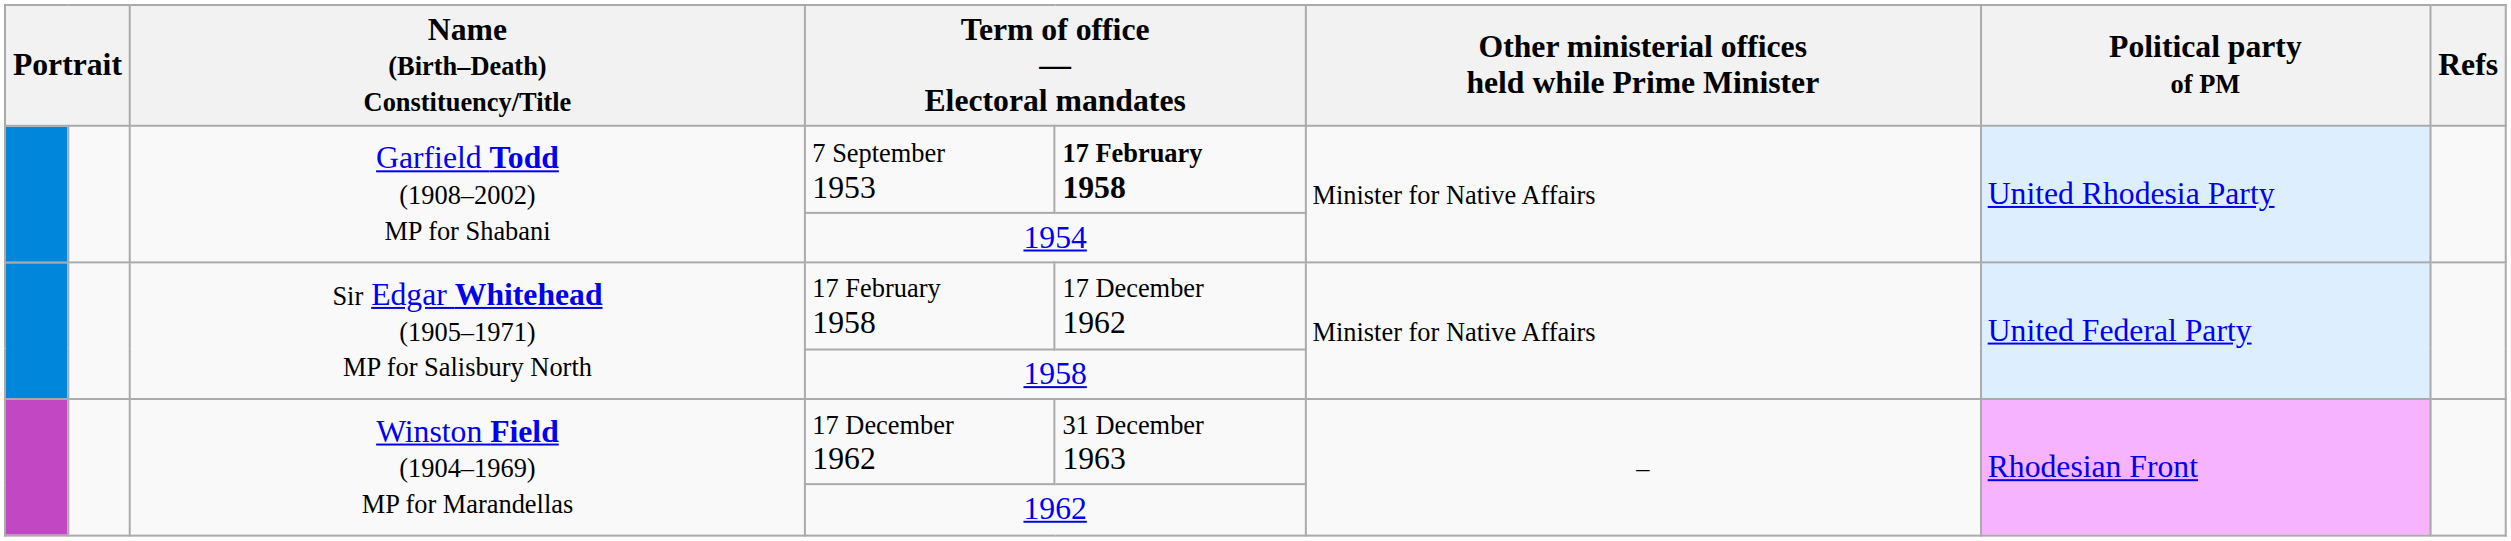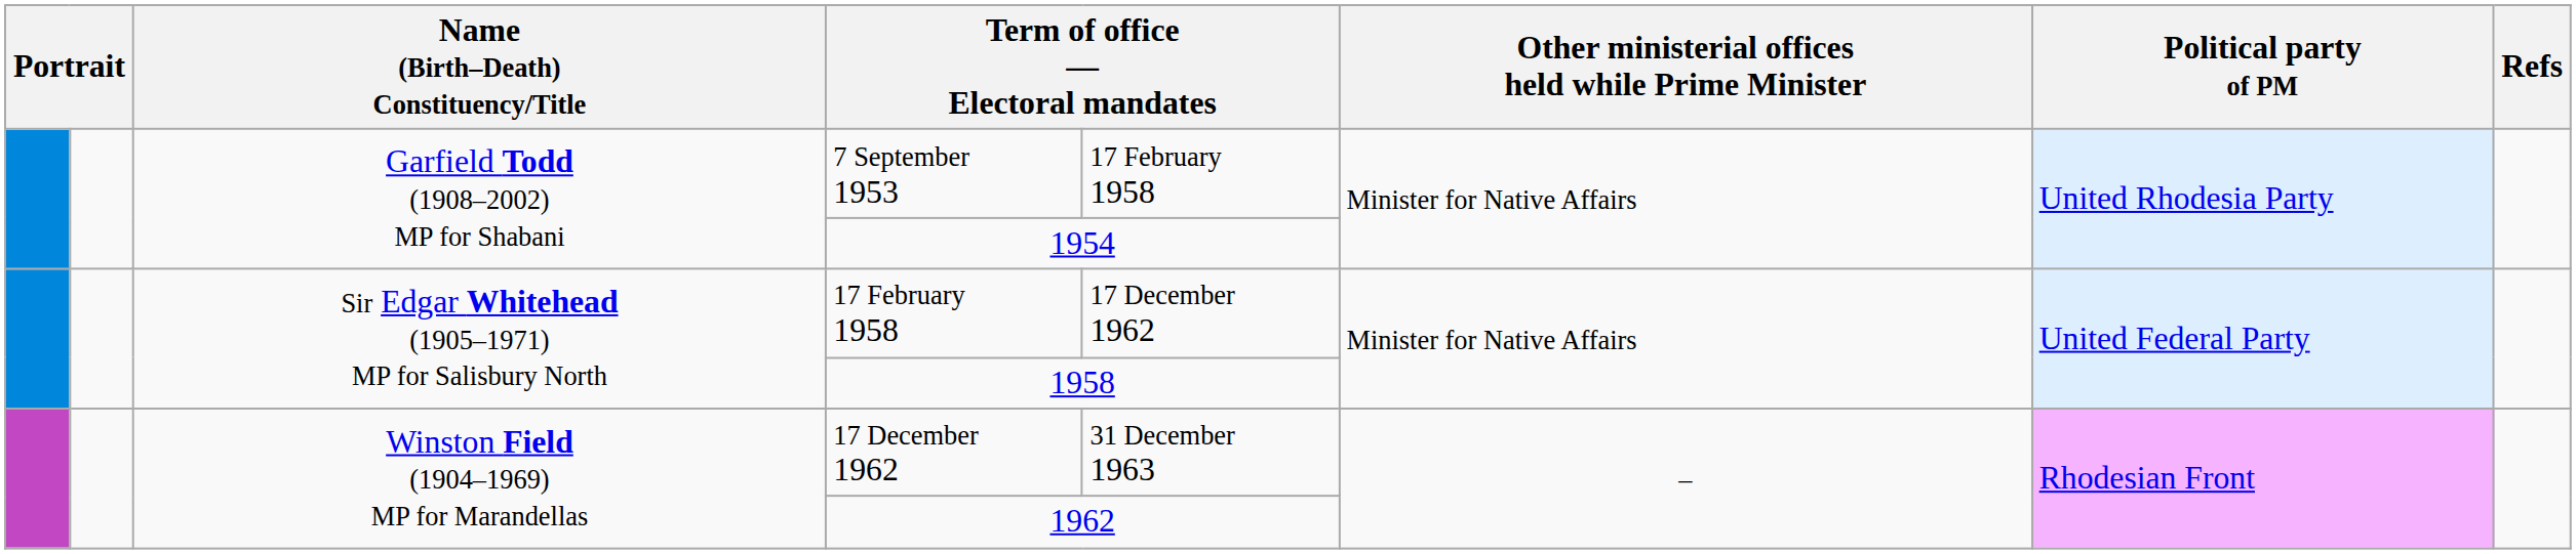 <table class="wikitable" width=100%>
 <tr>
 <th scope="col" colspan="2" width=40>Portrait</th>
 <th scope="col" width=27%>Name<br><small>(Birth–Death)<br>Constituency/Title</small></th>
 <th scope="col" colspan="2" width=20%>Term of office<br>—<br>Electoral mandates</th>
 <th scope="col" width=27%>Other ministerial offices<br>held while Prime Minister</th>
 <th scope="col" width=18%>Political party<br><small>of PM</small></th>
 <th scope="col">Refs</th>
 </tr>
 <tr>
 <td scope="row" rowspan="2" style="background-color: #0087DC"></td>
 <td rowspan="2"></td>
 <td rowspan="2" align="center"><a href='#'>Garfield <strong>Todd</strong></a><br><small>(1908–2002)<br>MP for Shabani</small></td>
 <td><small>7 September</small><br>1953</td>
-<td><strong><small>17 February</small><br>1958</strong></td>
+<td><small>17 February</small><br>1958</td>
 <td rowspan="2"><small>Minister for Native Affairs</small></td>
 <td bgcolor=#ddeeff rowspan="2"><a href='#'>United Rhodesia Party</a></td>
 <td rowspan="2" align=center></td>
 </tr>
 <tr>
 <td colspan="2" align="center"><a href='#'>1954</a></td>
 </tr>
 <tr>
 <td scope="row" rowspan="2" style="background-color: #0087DC"></td>
 <td rowspan="2"></td>
 <td rowspan="2" align="center"><small>Sir</small> <a href='#'>Edgar <strong>Whitehead</strong></a><br><small>(1905–1971)<br>MP for Salisbury North</small></td>
 <td><small>17 February</small><br>1958</td>
 <td><small>17 December</small><br>1962</td>
 <td rowspan="2"><small>Minister for Native Affairs</small></td>
 <td bgcolor=#ddeeff rowspan="2"><a href='#'>United Federal Party</a></td>
 <td rowspan="2" align=center></td>
 </tr>
 <tr>
 <td colspan="2" align="center"><a href='#'>1958</a></td>
 </tr>
 <tr>
 <td scope="row" rowspan="2" style="background-color: #C247C2"></td>
 <td rowspan="2"></td>
 <td rowspan="2" align="center"><a href='#'>Winston <strong>Field</strong></a><br><small>(1904–1969)<br>MP for Marandellas</small></td>
 <td><small>17 December</small><br>1962</td>
 <td><small>31 December</small><br>1963</td>
 <td rowspan="2" align=center><small>–</small></td>
 <td bgcolor=#f6b3ff rowspan="2"><a href='#'>Rhodesian Front</a></td>
 <td rowspan="2" align=center></td>
 </tr>
 <tr>
 <td colspan="2" align="center"><a href='#'>1962</a></td>
 </tr>
 </table>
